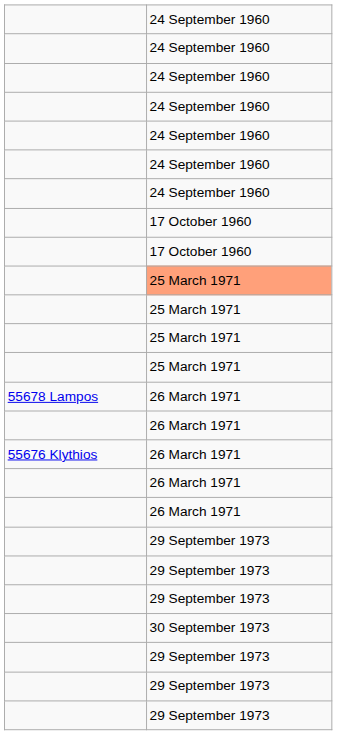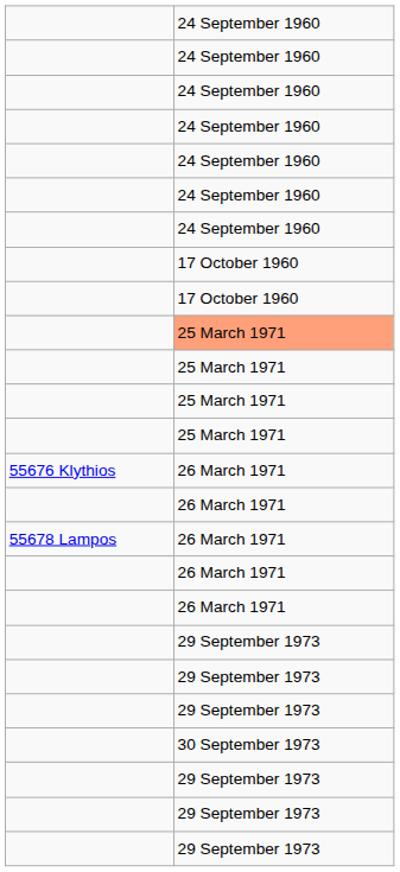 <table class="wikitable" style="font-size: 89%; float: left; width: 24em; margin-right: 1em; line-height: 1.65em">
 <tr>
 <td></td>
 <td>24 September 1960</td>
 </tr>
 <tr>
 <td></td>
 <td>24 September 1960</td>
 </tr>
 <tr>
 <td></td>
 <td>24 September 1960</td>
 </tr>
 <tr>
 <td></td>
 <td>24 September 1960</td>
 </tr>
 <tr>
 <td></td>
 <td>24 September 1960</td>
 </tr>
 <tr>
 <td></td>
 <td>24 September 1960</td>
 </tr>
 <tr>
 <td></td>
 <td>24 September 1960</td>
 </tr>
 <tr>
 <td></td>
 <td>17 October 1960</td>
 </tr>
 <tr>
 <td></td>
 <td>17 October 1960</td>
 </tr>
 <tr>
 <td></td>
 <td style="background: lightsalmon;">25 March 1971</td>
 </tr>
 <tr>
 <td></td>
 <td>25 March 1971</td>
 </tr>
 <tr>
 <td></td>
 <td>25 March 1971</td>
 </tr>
 <tr>
 <td></td>
 <td>25 March 1971</td>
 </tr>
 <tr>
-<td><a href='#'>55678 Lampos</a></td>
+<td><a href='#'>55676 Klythios</a></td>
 <td>26 March 1971</td>
 </tr>
 <tr>
 <td></td>
 <td>26 March 1971</td>
 </tr>
 <tr>
-<td><a href='#'>55676 Klythios</a></td>
+<td><a href='#'>55678 Lampos</a></td>
 <td>26 March 1971</td>
 </tr>
 <tr>
 <td></td>
 <td>26 March 1971</td>
 </tr>
 <tr>
 <td></td>
 <td>26 March 1971</td>
 </tr>
 <tr>
 <td></td>
 <td>29 September 1973</td>
 </tr>
 <tr>
 <td></td>
 <td>29 September 1973</td>
 </tr>
 <tr>
 <td></td>
 <td>29 September 1973</td>
 </tr>
 <tr>
 <td></td>
 <td>30 September 1973</td>
 </tr>
 <tr>
 <td></td>
 <td>29 September 1973</td>
 </tr>
 <tr>
 <td></td>
 <td>29 September 1973</td>
 </tr>
 <tr>
 <td></td>
 <td>29 September 1973</td>
 </tr>
 </table>
